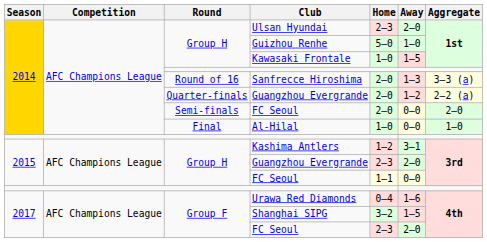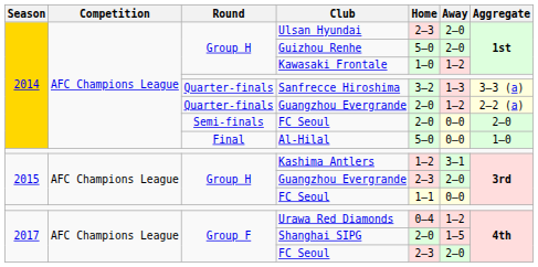 <table class="wikitable">
 <tr>
 <th>Season</th>
 <th>Competition</th>
 <th>Round</th>
 <th>Club</th>
 <th>Home</th>
 <th>Away</th>
 <th>Aggregate</th>
 </tr>
 <tr>
 <td rowspan="8" align=center style="background-color:Gold"><a href='#'>2014</a></td>
 <td rowspan="8"><a href='#'>AFC Champions League</a></td>
 <td rowspan="3" align=center><a href='#'>Group H</a></td>
 <td> <a href='#'>Ulsan Hyundai</a></td>
 <td bgcolor="#ffdddd" style="text-align:center;">2–3</td>
 <td bgcolor="#ddffdd" style="text-align:center;">2–0</td>
 <td rowspan="3" style="text-align:center; background:#dfd;"><strong>1st</strong></td>
 </tr>
 <tr>
 <td> <a href='#'>Guizhou Renhe</a></td>
 <td bgcolor="#ddffdd" style="text-align:center;">5–0</td>
-<td bgcolor="#ddffdd" style="text-align:center;">1–0</td>
+<td bgcolor="#ddffdd" style="text-align:center;">2–0</td>
 </tr>
 <tr>
 <td> <a href='#'>Kawasaki Frontale</a></td>
 <td bgcolor="#ddffdd" style="text-align:center;">1–0</td>
-<td bgcolor="#ffdddd" style="text-align:center;">1–5</td>
+<td bgcolor="#ffdddd" style="text-align:center;">1–2</td>
 </tr>
 <tr>
 <td colspan=5></td>
 </tr>
 <tr>
-<td rowspan="1" align=center><a href='#'>Round of 16</a></td>
+<td rowspan="1" align=center><a href='#'>Quarter-finals</a></td>
 <td> <a href='#'>Sanfrecce Hiroshima</a></td>
-<td bgcolor="#ddffdd" style="text-align:center;">2–0</td>
+<td bgcolor="#ddffdd" style="text-align:center;">3–2</td>
 <td bgcolor="#ffdddd" style="text-align:center;">1–3</td>
 <td bgcolor="#ffffdd" style="text-align:center;">3–3 (<a href='#'>a</a>)</td>
 </tr>
 <tr>
 <td rowspan="1" align=center><a href='#'>Quarter-finals</a></td>
 <td> <a href='#'>Guangzhou Evergrande</a></td>
 <td bgcolor="#ddffdd" style="text-align:center;">2–0</td>
 <td bgcolor="#ffdddd" style="text-align:center;">1–2</td>
 <td bgcolor="#ffffdd" style="text-align:center;">2–2 (<a href='#'>a</a>)</td>
 </tr>
 <tr>
 <td rowspan="1" align=center><a href='#'>Semi-finals</a></td>
 <td> <a href='#'>FC Seoul</a></td>
 <td bgcolor="#ddffdd" style="text-align:center;">2–0</td>
 <td bgcolor="#ffffdd" style="text-align:center;">0–0</td>
 <td bgcolor="#ddffdd" style="text-align:center;">2–0</td>
 </tr>
 <tr>
 <td rowspan="1" align=center><a href='#'>Final</a></td>
 <td> <a href='#'>Al-Hilal</a></td>
-<td bgcolor="#ddffdd" style="text-align:center;">1–0</td>
+<td bgcolor="#ddffdd" style="text-align:center;">5–0</td>
 <td bgcolor="#ffffdd" style="text-align:center;">0–0</td>
 <td bgcolor="#ddffdd" style="text-align:center;">1–0</td>
 </tr>
 <tr>
 <td colspan=5></td>
 </tr>
 <tr>
 <td rowspan="3" align=center><a href='#'>2015</a></td>
 <td rowspan="3" align=center>AFC Champions League</td>
 <td rowspan="3" align=center><a href='#'>Group H</a></td>
 <td> <a href='#'>Kashima Antlers</a></td>
 <td bgcolor="#ffdddd" style="text-align:center;">1–2</td>
 <td bgcolor="#ddffdd" style="text-align:center;">3–1</td>
 <td rowspan="3" style="text-align:center; background:#fdd;"><strong>3rd</strong></td>
 </tr>
 <tr>
 <td> <a href='#'>Guangzhou Evergrande</a></td>
 <td bgcolor="#ffdddd" style="text-align:center;">2–3</td>
 <td bgcolor="#ddffdd" style="text-align:center;">2–0</td>
 </tr>
 <tr>
 <td> <a href='#'>FC Seoul</a></td>
 <td bgcolor="#ffffdd" style="text-align:center;">1–1</td>
 <td bgcolor="#ffffdd" style="text-align:center;">0–0</td>
 </tr>
 <tr>
 <td colspan=5></td>
 </tr>
 <tr>
 <td rowspan="3" align=center><a href='#'>2017</a></td>
 <td rowspan="3" align=center>AFC Champions League</td>
 <td rowspan="3" align=center><a href='#'>Group F</a></td>
 <td> <a href='#'>Urawa Red Diamonds</a></td>
 <td bgcolor="#ffdddd" style="text-align:center;">0–4</td>
-<td bgcolor="#ffdddd" style="text-align:center;">1–6</td>
+<td bgcolor="#ffdddd" style="text-align:center;">1–2</td>
 <td rowspan="3" style="text-align:center; background:#fdd;"><strong>4th</strong></td>
 </tr>
 <tr>
 <td> <a href='#'>Shanghai SIPG</a></td>
-<td bgcolor="#ddffdd" style="text-align:center;">3–2</td>
+<td bgcolor="#ddffdd" style="text-align:center;">2–0</td>
 <td bgcolor="#ffdddd" style="text-align:center;">1–5</td>
 </tr>
 <tr>
 <td> <a href='#'>FC Seoul</a></td>
 <td bgcolor="#ffdddd" style="text-align:center;">2–3</td>
 <td bgcolor="#ddffdd" style="text-align:center;">2–0</td>
 </tr>
 </table>
